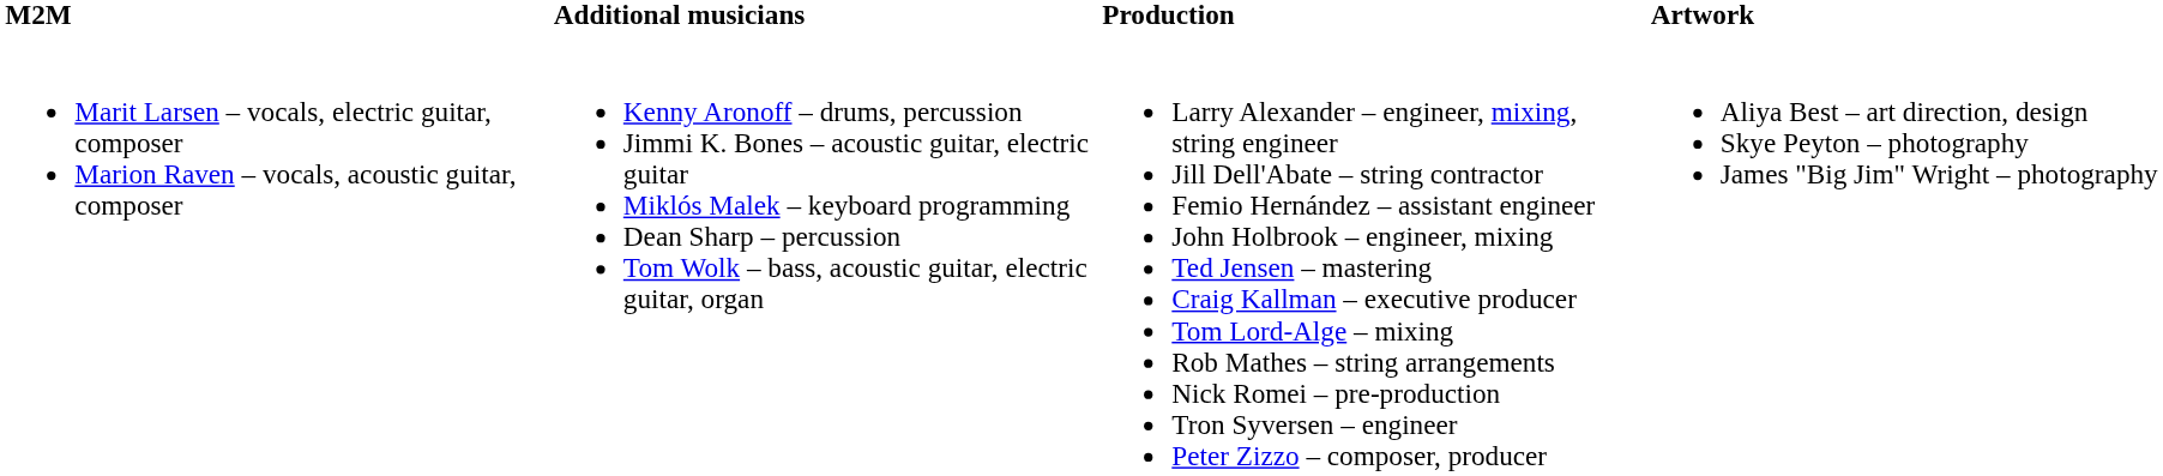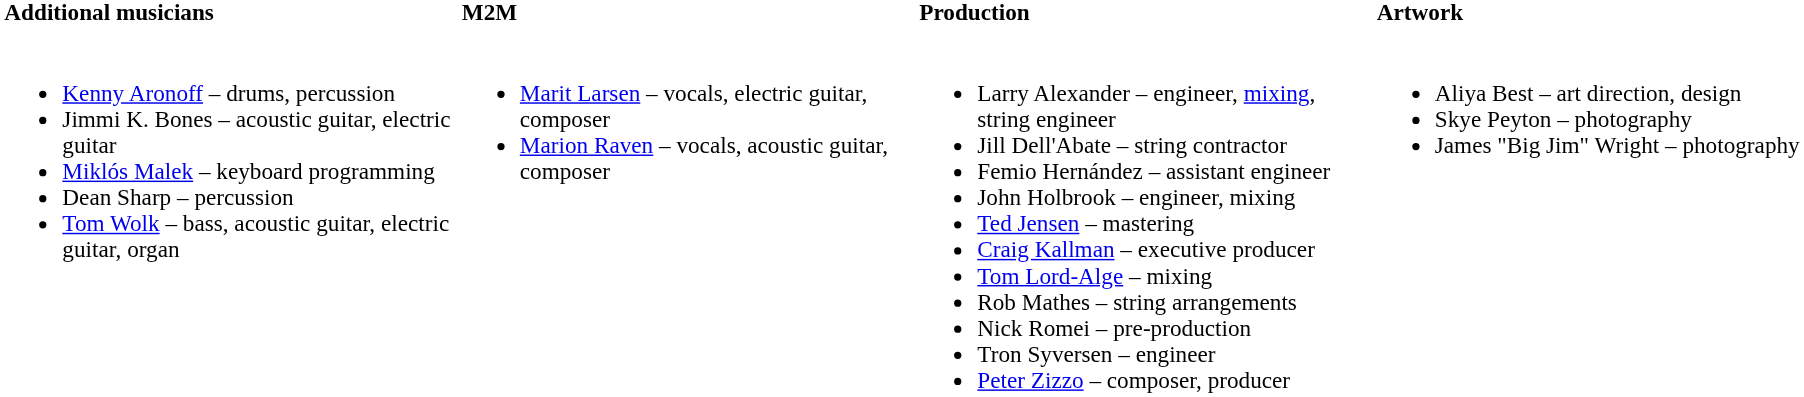 <table style="width:100%;">
 <tr>
+<th scope="col" style="text-align:left; width:25%;">Additional musicians</th>
 <th scope="col" style="text-align:left; width:25%;">M2M</th>
-<th scope="col" style="text-align:left; width:25%;">Additional musicians</th>
 <th scope="col" style="text-align:left; width:25%;">Production</th>
 <th scope="col" style="text-align:left; width:25%;">Artwork</th>
 </tr>
 <tr>
+<td style="vertical-align:top;"><br><ul><li><a href='#'>Kenny Aronoff</a>  – drums, percussion</li><li>Jimmi K. Bones – acoustic guitar, electric guitar</li><li><a href='#'>Miklós Malek</a> – keyboard programming</li><li>Dean Sharp – percussion</li><li><a href='#'>Tom Wolk</a> – bass, acoustic guitar, electric guitar, organ</li></ul></td>
 <td style="vertical-align:top;"><br><ul><li><a href='#'>Marit Larsen</a> – vocals, electric guitar, composer</li><li><a href='#'>Marion Raven</a> – vocals, acoustic guitar, composer</li></ul></td>
-<td style="vertical-align:top;"><br><ul><li><a href='#'>Kenny Aronoff</a>  – drums, percussion</li><li>Jimmi K. Bones – acoustic guitar, electric guitar</li><li><a href='#'>Miklós Malek</a> – keyboard programming</li><li>Dean Sharp – percussion</li><li><a href='#'>Tom Wolk</a> – bass, acoustic guitar, electric guitar, organ</li></ul></td>
 <td style="vertical-align:top;"><br><ul><li>Larry Alexander – engineer, <a href='#'>mixing</a>, string engineer</li><li>Jill Dell'Abate  – string contractor</li><li>Femio Hernández – assistant engineer</li><li>John Holbrook – engineer, mixing</li><li><a href='#'>Ted Jensen</a> – mastering</li><li><a href='#'>Craig Kallman</a> – executive producer</li><li><a href='#'>Tom Lord-Alge</a> – mixing</li><li>Rob Mathes – string arrangements</li><li>Nick Romei – pre-production</li><li>Tron Syversen – engineer</li><li><a href='#'>Peter Zizzo</a> – composer, producer</li></ul></td>
 <td style="vertical-align:top;"><br><ul><li>Aliya Best – art direction, design</li><li>Skye Peyton – photography</li><li>James "Big Jim" Wright  – photography</li></ul></td>
 </tr>
 </table>
